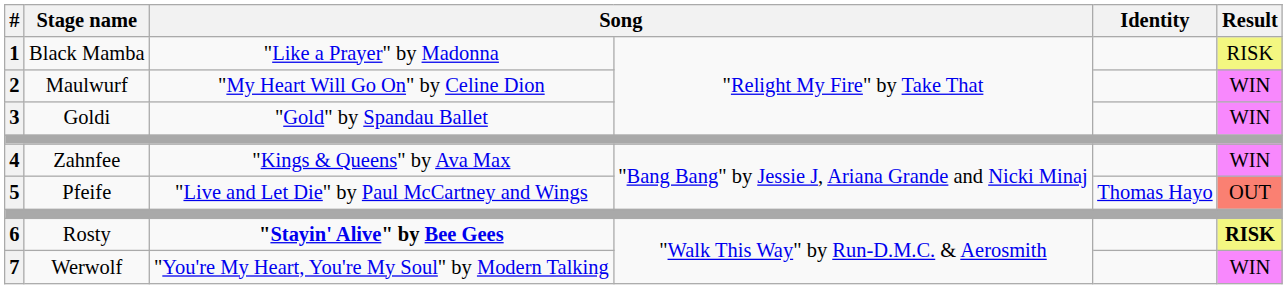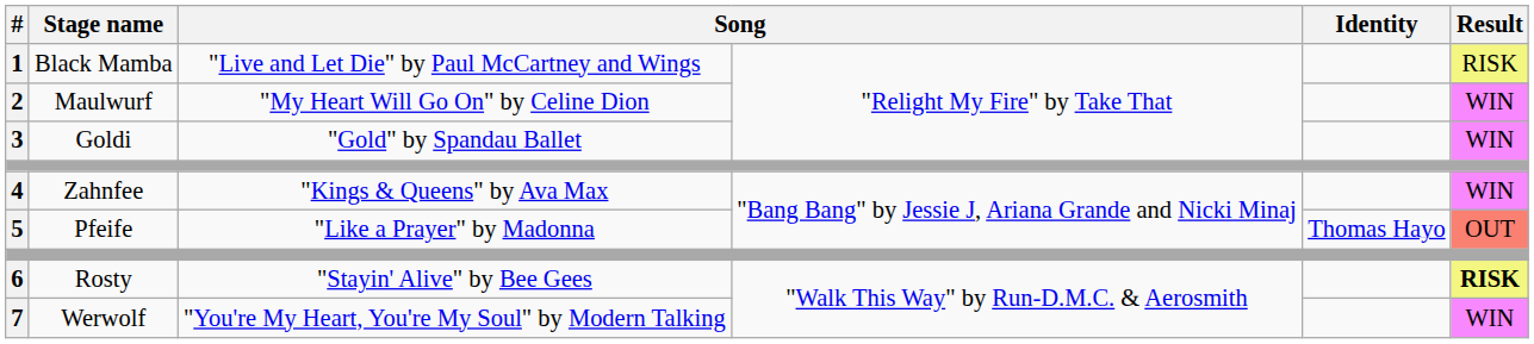 <table class="wikitable plainrowheaders" style="text-align: center;">
 <tr>
 <th>#</th>
 <th>Stage name</th>
 <th colspan="2">Song</th>
 <th>Identity</th>
 <th>Result</th>
 </tr>
 <tr>
 <th>1</th>
 <td>Black Mamba</td>
-<td>"<a href='#'>Like a Prayer</a>" by <a href='#'>Madonna</a></td>
+<td>"<a href='#'>Live and Let Die</a>" by <a href='#'>Paul McCartney and Wings</a></td>
 <td rowspan="3">"<a href='#'>Relight My Fire</a>" by <a href='#'>Take That</a></td>
 <td></td>
 <td bgcolor="F3F781">RISK</td>
 </tr>
 <tr>
 <th>2</th>
 <td>Maulwurf</td>
 <td>"<a href='#'>My Heart Will Go On</a>" by <a href='#'>Celine Dion</a></td>
 <td></td>
 <td bgcolor="F888FD">WIN</td>
 </tr>
 <tr>
 <th>3</th>
 <td>Goldi</td>
 <td>"<a href='#'>Gold</a>" by <a href='#'>Spandau Ballet</a></td>
 <td></td>
 <td bgcolor="F888FD">WIN</td>
 </tr>
 <tr>
 <td colspan="6" style="background:darkgray"></td>
 </tr>
 <tr>
 <th>4</th>
 <td>Zahnfee</td>
 <td>"<a href='#'>Kings & Queens</a>" by <a href='#'>Ava Max</a></td>
 <td rowspan="2">"<a href='#'>Bang Bang</a>" by <a href='#'>Jessie J</a>, <a href='#'>Ariana Grande</a> and <a href='#'>Nicki Minaj</a></td>
 <td></td>
 <td bgcolor="F888FD">WIN</td>
 </tr>
 <tr>
 <th>5</th>
 <td>Pfeife</td>
-<td>"<a href='#'>Live and Let Die</a>" by <a href='#'>Paul McCartney and Wings</a></td>
+<td>"<a href='#'>Like a Prayer</a>" by <a href='#'>Madonna</a></td>
 <td><a href='#'>Thomas Hayo</a></td>
 <td bgcolor=salmon>OUT</td>
 </tr>
 <tr>
 <td colspan="6" style="background:darkgray"></td>
 </tr>
 <tr>
 <th>6</th>
 <td>Rosty</td>
-<td><strong>"<a href='#'>Stayin' Alive</a>" by <a href='#'>Bee Gees</a></strong></td>
+<td>"<a href='#'>Stayin' Alive</a>" by <a href='#'>Bee Gees</a></td>
 <td rowspan="2">"<a href='#'>Walk This Way</a>" by <a href='#'>Run-D.M.C.</a> & <a href='#'>Aerosmith</a></td>
 <td></td>
 <td bgcolor="F3F781"><strong>RISK</strong></td>
 </tr>
 <tr>
 <th>7</th>
 <td>Werwolf</td>
 <td>"<a href='#'>You're My Heart, You're My Soul</a>" by <a href='#'>Modern Talking</a></td>
 <td></td>
 <td bgcolor="F888FD">WIN</td>
 </tr>
 </table>
